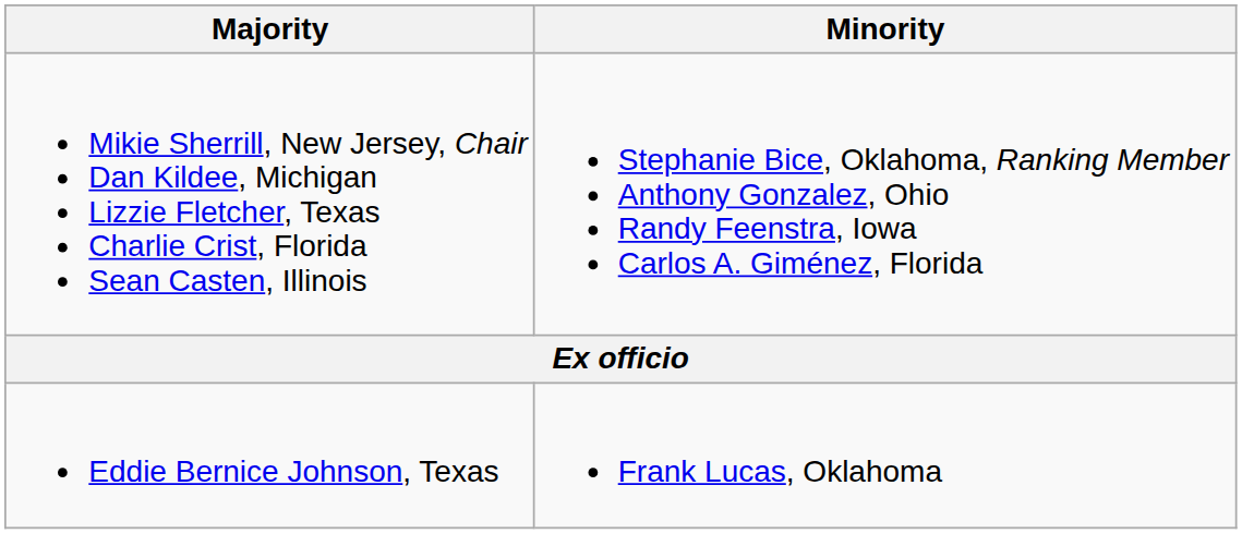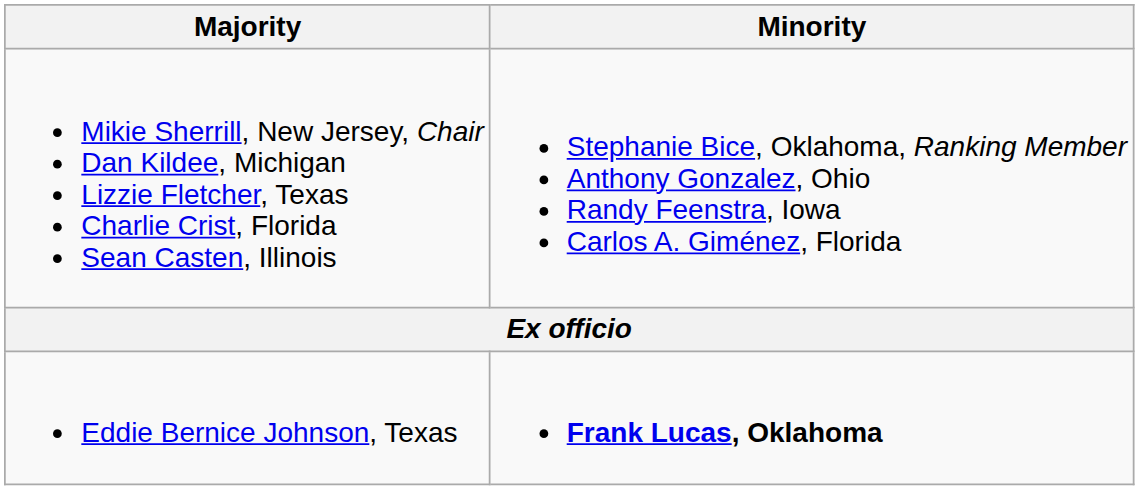 <table class=wikitable>
 <tr>
 <th>Majority</th>
 <th>Minority</th>
 </tr>
 <tr>
 <td><br><ul><li><a href='#'>Mikie Sherrill</a>, New Jersey, <em>Chair</em></li><li><a href='#'>Dan Kildee</a>, Michigan</li><li><a href='#'>Lizzie Fletcher</a>, Texas</li><li><a href='#'>Charlie Crist</a>, Florida</li><li><a href='#'>Sean Casten</a>, Illinois</li></ul></td>
 <td><br><ul><li><a href='#'>Stephanie Bice</a>, Oklahoma, <em>Ranking Member</em></li><li><a href='#'>Anthony Gonzalez</a>, Ohio</li><li><a href='#'>Randy Feenstra</a>, Iowa</li><li><a href='#'>Carlos A. Giménez</a>, Florida</li></ul></td>
 </tr>
 <tr>
 <th colspan=2><em>Ex officio</em></th>
 </tr>
 <tr>
 <td><br><ul><li><a href='#'>Eddie Bernice Johnson</a>, Texas</li></ul></td>
-<td><br><ul><li><a href='#'>Frank Lucas</a>, Oklahoma</li></ul></td>
+<td><strong><br><ul><li><a href='#'>Frank Lucas</a>, Oklahoma</li></ul></strong></td>
 </tr>
 </table>
